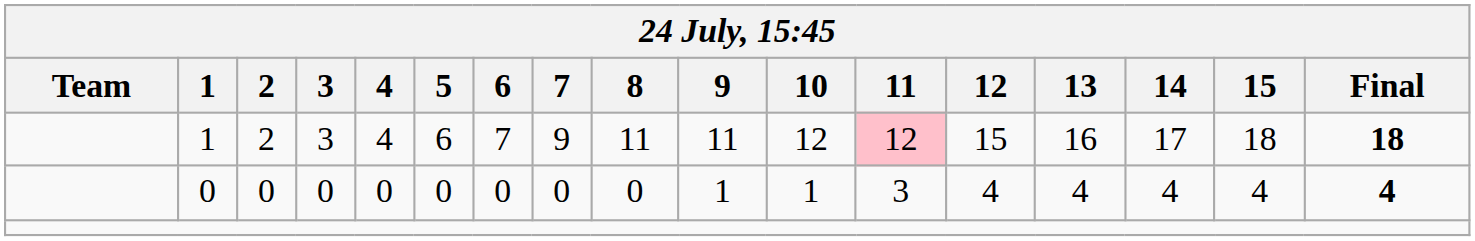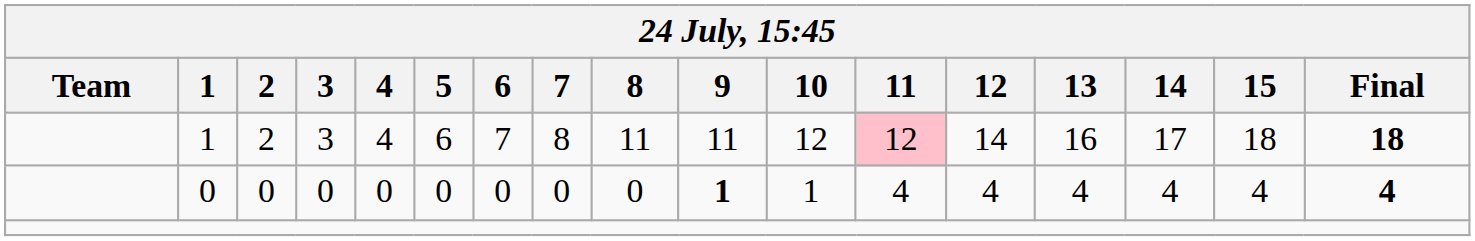 <table class=wikitable style="text-align:center; width: 55%">
 <tr>
 <th colspan=17><em>24 July, 15:45</em></th>
 </tr>
 <tr>
 <th>Team</th>
 <th>1</th>
 <th>2</th>
 <th>3</th>
 <th>4</th>
 <th>5</th>
 <th>6</th>
 <th>7</th>
 <th>8</th>
 <th>9</th>
 <th>10</th>
 <th>11</th>
 <th>12</th>
 <th>13</th>
 <th>14</th>
 <th>15</th>
 <th>Final</th>
 </tr>
 <tr>
 <td align=left><strong></strong></td>
 <td>1</td>
 <td>2</td>
 <td>3</td>
 <td>4</td>
 <td>6</td>
 <td>7</td>
-<td>9</td>
+<td>8</td>
 <td>11</td>
 <td>11</td>
 <td>12</td>
 <td style="background: pink;">12</td>
-<td>15</td>
+<td>14</td>
 <td>16</td>
 <td>17</td>
 <td>18</td>
 <td><strong>18</strong></td>
 </tr>
 <tr>
 <td align=left></td>
 <td>0</td>
 <td>0</td>
 <td>0</td>
 <td>0</td>
 <td>0</td>
 <td>0</td>
 <td>0</td>
 <td>0</td>
+<td><strong>1</strong></td>
 <td>1</td>
-<td>1</td>
-<td>3</td>
+<td>4</td>
 <td>4</td>
 <td>4</td>
 <td>4</td>
 <td>4</td>
 <td><strong>4</strong></td>
 </tr>
 <tr>
 <td colspan=17></td>
 </tr>
 </table>
